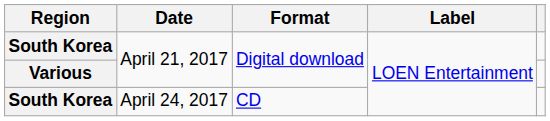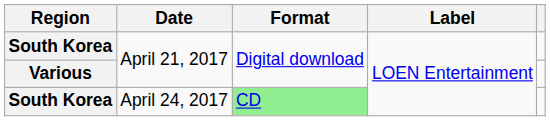 <table class="wikitable plainrowheaders">
 <tr>
 <th>Region</th>
 <th>Date</th>
 <th>Format</th>
 <th>Label</th>
 <th></th>
 </tr>
 <tr>
 <th scope="row">South Korea</th>
 <td rowspan="2">April 21, 2017</td>
 <td rowspan="2"><a href='#'>Digital download</a></td>
 <td rowspan="3"><a href='#'>LOEN Entertainment</a></td>
 <td align="center"></td>
 </tr>
 <tr>
 <th scope="row">Various</th>
 <td align="center"></td>
 </tr>
 <tr>
 <th scope="row">South Korea</th>
 <td>April 24, 2017</td>
-<td><a href='#'>CD</a></td>
+<td style="background: lightgreen;"><a href='#'>CD</a></td>
 <td align="center"></td>
 </tr>
 </table>
